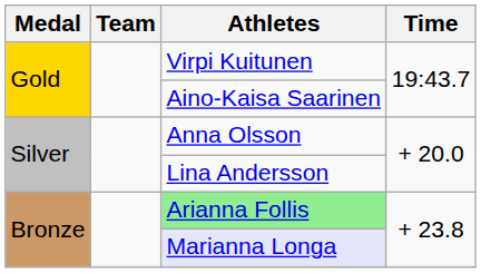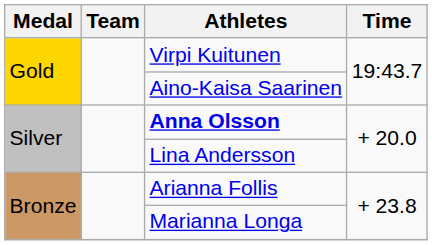 <table class="wikitable">
 <tr>
 <th align=left>Medal</th>
 <th>Team</th>
 <th>Athletes</th>
 <th align=Center>Time</th>
 </tr>
 <tr>
 <td bgcolor="gold" align=left rowspan="2">Gold</td>
 <td align=left rowspan="2"></td>
 <td align=left><a href='#'>Virpi Kuitunen</a></td>
 <td align=center rowspan="2">19:43.7</td>
 </tr>
 <tr>
 <td align=left><a href='#'>Aino-Kaisa Saarinen</a></td>
 </tr>
 <tr>
 <td bgcolor="silver" align=left rowspan="2">Silver</td>
 <td align=left rowspan="2"></td>
-<td align=left><a href='#'>Anna Olsson</a></td>
+<td align=left><strong><a href='#'>Anna Olsson</a></strong></td>
 <td align=center rowspan="2">+ 20.0</td>
 </tr>
 <tr>
 <td align=left><a href='#'>Lina Andersson</a></td>
 </tr>
 <tr>
 <td bgcolor="CC9966" align=left rowspan="2">Bronze</td>
 <td align=left rowspan="2"></td>
-<td align=left style="background: lightgreen;"><a href='#'>Arianna Follis</a></td>
+<td align=left><a href='#'>Arianna Follis</a></td>
 <td align=center rowspan="2">+ 23.8</td>
 </tr>
 <tr>
-<td align=left style="background: lavender;"><a href='#'>Marianna Longa</a></td>
+<td align=left><a href='#'>Marianna Longa</a></td>
 </tr>
 <tr>
 </tr>
 </table>
